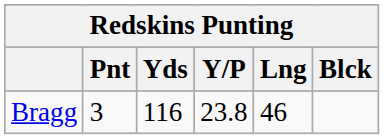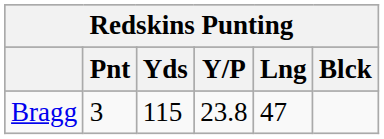 <table class="wikitable">
 <tr>
 <th colspan="6">Redskins Punting</th>
 </tr>
 <tr>
 <th></th>
 <th>Pnt</th>
 <th>Yds</th>
 <th>Y/P</th>
 <th>Lng</th>
 <th>Blck</th>
 </tr>
 <tr>
 <td><a href='#'>Bragg</a></td>
 <td>3</td>
-<td>116</td>
+<td>115</td>
 <td>23.8</td>
-<td>46</td>
+<td>47</td>
 </tr>
 </table>
